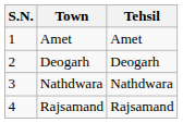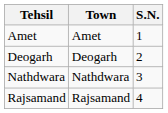 <table class="wikitable">
 <tr>
+<th>Tehsil</th>
+<th>Town</th>
 <th>S.N.</th>
-<th>Town</th>
-<th>Tehsil</th>
 </tr>
 <tr>
-<td>1</td>
 <td>Amet</td>
 <td>Amet</td>
+<td>1</td>
 </tr>
 <tr>
-<td>2</td>
 <td>Deogarh</td>
 <td>Deogarh</td>
+<td>2</td>
 </tr>
 <tr>
-<td>3</td>
 <td>Nathdwara</td>
 <td>Nathdwara</td>
+<td>3</td>
 </tr>
 <tr>
-<td>4</td>
 <td>Rajsamand</td>
 <td>Rajsamand</td>
+<td>4</td>
 </tr>
 </table>
